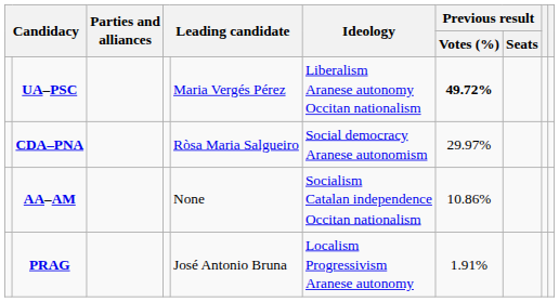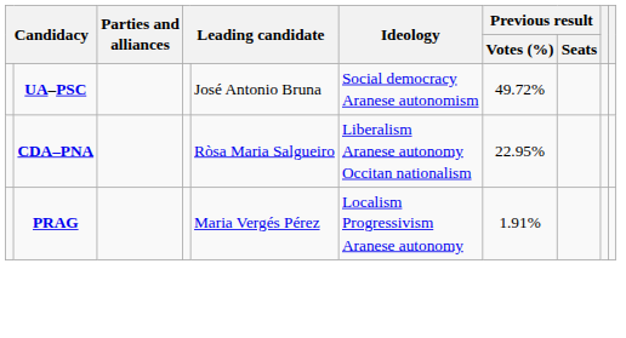 <table class="wikitable" style="line-height:1.35em; text-align:left;">
 <tr>
 <th colspan="2" rowspan="2">Candidacy</th>
 <th rowspan="2">Parties and<br>alliances</th>
 <th colspan="2" rowspan="2">Leading candidate</th>
 <th rowspan="2">Ideology</th>
 <th colspan="2">Previous result</th>
 <th rowspan="2"></th>
 <th rowspan="2"></th>
 </tr>
 <tr>
 <th>Votes (%)</th>
 <th>Seats</th>
 </tr>
 <tr>
 <td style="color:inherit;background:"></td>
 <td align="center"><strong><a href='#'>UA</a>–<a href='#'>PSC</a></strong></td>
 <td></td>
 <td></td>
-<td><a href='#'>Maria Vergés Pérez</a></td>
-<td><a href='#'>Liberalism</a><br><a href='#'>Aranese autonomy</a><br><a href='#'>Occitan nationalism</a></td>
-<td align="center"><strong>49.72%</strong></td>
+<td>José Antonio Bruna</td>
+<td><a href='#'>Social democracy</a><br><a href='#'>Aranese autonomism</a></td>
+<td align="center">49.72%</td>
 <td></td>
 <td></td>
 <td></td>
 </tr>
 <tr>
 <td width="1" style="color:inherit;background:"></td>
 <td align="center"><strong><a href='#'>CDA–PNA</a></strong></td>
 <td></td>
 <td></td>
 <td><a href='#'>Ròsa Maria Salgueiro</a></td>
-<td><a href='#'>Social democracy</a><br><a href='#'>Aranese autonomism</a></td>
-<td align="center">29.97%</td>
+<td><a href='#'>Liberalism</a><br><a href='#'>Aranese autonomy</a><br><a href='#'>Occitan nationalism</a></td>
+<td align="center">22.95%</td>
 <td></td>
 <td></td>
 <td></td>
 </tr>
 <tr>
 <td style="color:inherit;background:"></td>
-<td align="center"><strong><a href='#'>AA</a>–<a href='#'>AM</a></strong></td>
-<td></td>
-<td></td>
-<td>None</td>
-<td><a href='#'>Socialism</a><br><a href='#'>Catalan independence</a><br><a href='#'>Occitan nationalism</a></td>
-<td align="center">10.86%</td>
-<td></td>
-<td></td>
-<td><br></td>
-</tr>
-<tr>
-<td style="color:inherit;background:"></td>
 <td align="center"><strong><a href='#'>PRAG</a></strong></td>
 <td></td>
 <td></td>
-<td>José Antonio Bruna</td>
+<td><a href='#'>Maria Vergés Pérez</a></td>
 <td><a href='#'>Localism</a><br><a href='#'>Progressivism</a><br><a href='#'>Aranese autonomy</a></td>
 <td align="center">1.91%</td>
 <td></td>
 <td></td>
 <td></td>
 </tr>
 </table>
